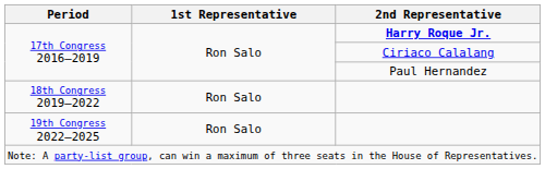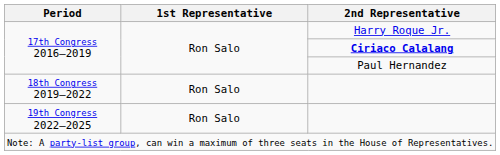 <table class="wikitable"; style="text-align:center">
 <tr>
 <th>Period</th>
 <th>1st Representative</th>
 <th>2nd Representative</th>
 </tr>
 <tr>
 <td rowspan=3><small><a href='#'>17th Congress</a></small><br>2016–2019</td>
 <td rowspan=3>Ron Salo</td>
-<td><strong><a href='#'>Harry Roque Jr.</a><br></strong></td>
+<td><a href='#'>Harry Roque Jr.</a><br></td>
 </tr>
 <tr>
-<td><a href='#'>Ciriaco Calalang</a><br></td>
+<td><strong><a href='#'>Ciriaco Calalang</a><br></strong></td>
 </tr>
 <tr>
 <td>Paul Hernandez<br></td>
 </tr>
 <tr>
 <td><small><a href='#'>18th Congress</a></small><br>2019–2022</td>
 <td>Ron Salo</td>
 <td></td>
 </tr>
 <tr>
 <td><small><a href='#'>19th Congress</a></small><br>2022–2025</td>
 <td>Ron Salo</td>
 <td></td>
 </tr>
 <tr>
 <td colspan=3><small>Note: A <a href='#'>party-list group</a>, can win a maximum of three seats in the House of Representatives.</small></td>
 </tr>
 </table>
